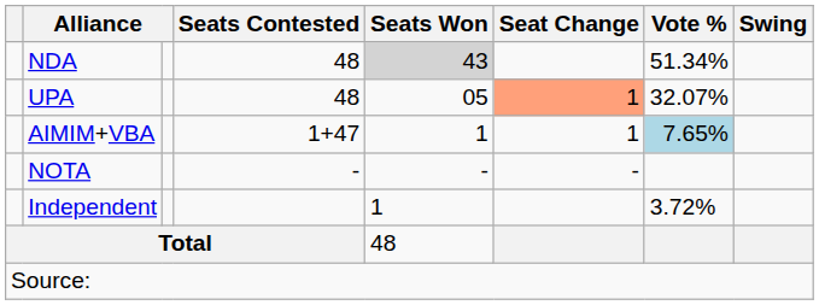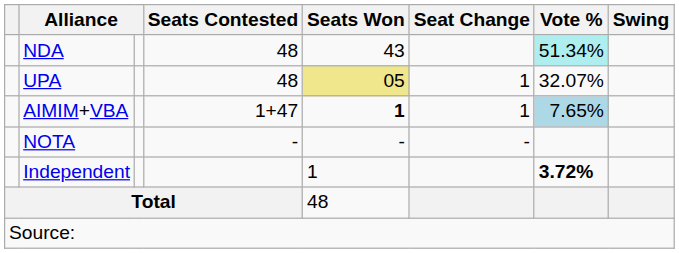 <table class="wikitable Sortable">
 <tr>
 <th></th>
 <th colspan="2">Alliance</th>
 <th>Seats Contested</th>
 <th>Seats Won</th>
 <th>Seat Change</th>
 <th>Vote %</th>
 <th>Swing</th>
 </tr>
 <tr>
 <td style="background-color:"> </td>
 <td style="text-align:left;"><a href='#'>NDA</a></td>
 <td></td>
 <td style="text-align:right;">48</td>
-<td style="background: lightgrey; text-align:right;">43</td>
+<td style="text-align:right;">43</td>
 <td style="text-align:right;"></td>
-<td style="text-align:right;">51.34%</td>
+<td style="background: paleturquoise; text-align:right;">51.34%</td>
 <td style="text-align:right;"></td>
 </tr>
 <tr>
 <td style="background-color:"> </td>
 <td style="text-align:left;"><a href='#'>UPA</a></td>
 <td></td>
 <td style="text-align:right;">48</td>
-<td style="text-align:right;">05</td>
-<td style="background: lightsalmon; text-align:right;">1</td>
+<td style="background: khaki; text-align:right;">05</td>
+<td style="text-align:right;">1</td>
 <td style="text-align:right;">32.07%</td>
 <td style="text-align:right;"></td>
 </tr>
 <tr>
 <td style="background-color:"> </td>
 <td style="text-align:left;"><a href='#'>AIMIM</a>+<a href='#'>VBA</a></td>
 <td></td>
 <td style="text-align:right;">1+47</td>
-<td style="text-align:right;">1</td>
+<td style="text-align:right;"><strong>1</strong></td>
 <td style="text-align:right;">1</td>
 <td style="background: lightblue; text-align:right;">7.65%</td>
 <td style="text-align:right;"></td>
 </tr>
 <tr>
 <td style="background-color:"> </td>
 <td style="text-align:left;"><a href='#'>NOTA</a></td>
 <td></td>
 <td style="text-align:right;">-</td>
 <td style="text-align:right;">-</td>
 <td style="text-align:right;">-</td>
 <td style="text-align:right;"></td>
 <td style="text-align:right;"></td>
 </tr>
 <tr>
 <td></td>
 <td><a href='#'>Independent</a></td>
 <td></td>
 <td></td>
 <td>1</td>
 <td></td>
-<td>3.72%</td>
+<td><strong>3.72%</strong></td>
 <td></td>
 </tr>
 <tr>
 <th colspan="4"><strong>Total</strong></th>
 <td>48</td>
 <th style="text-align:right;"></th>
 <th style="text-align:right;"></th>
 <th style="text-align:right;"></th>
 </tr>
 <tr>
 <td colspan="9" style="text-align:left;">Source:</td>
 </tr>
 </table>
